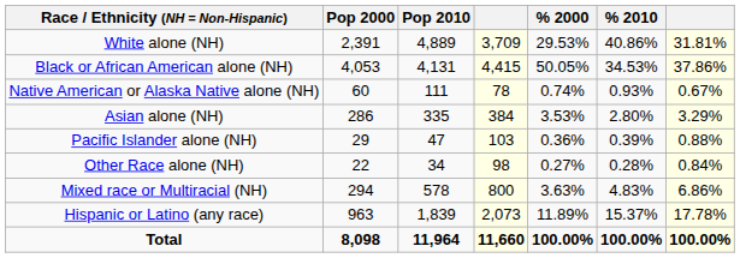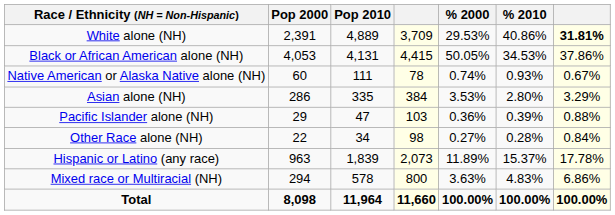 <table class="wikitable" style="text-align:center;">
 <tr>
 <th>Race / Ethnicity <small>(<em>NH = Non-Hispanic</em>)</small></th>
 <th>Pop 2000</th>
 <th>Pop 2010</th>
 <th></th>
 <th>% 2000</th>
 <th>% 2010</th>
 <th></th>
 </tr>
 <tr>
 <td><a href='#'>White</a> alone (NH)</td>
 <td>2,391</td>
 <td>4,889</td>
 <td style='background: #ffffe6;'>3,709</td>
 <td>29.53%</td>
 <td>40.86%</td>
-<td style='background: #ffffe6;'>31.81%</td>
+<td style='background: #ffffe6;'><strong>31.81%</strong></td>
 </tr>
 <tr>
 <td><a href='#'>Black or African American</a> alone (NH)</td>
 <td>4,053</td>
 <td>4,131</td>
 <td style='background: #ffffe6;'>4,415</td>
 <td>50.05%</td>
 <td>34.53%</td>
 <td style='background: #ffffe6;'>37.86%</td>
 </tr>
 <tr>
 <td><a href='#'>Native American</a> or <a href='#'>Alaska Native</a> alone (NH)</td>
 <td>60</td>
 <td>111</td>
 <td style='background: #ffffe6;'>78</td>
 <td>0.74%</td>
 <td>0.93%</td>
 <td style='background: #ffffe6;'>0.67%</td>
 </tr>
 <tr>
 <td><a href='#'>Asian</a> alone (NH)</td>
 <td>286</td>
 <td>335</td>
 <td style='background: #ffffe6;'>384</td>
 <td>3.53%</td>
 <td>2.80%</td>
 <td style='background: #ffffe6;'>3.29%</td>
 </tr>
 <tr>
 <td><a href='#'>Pacific Islander</a> alone (NH)</td>
 <td>29</td>
 <td>47</td>
 <td style='background: #ffffe6;'>103</td>
 <td>0.36%</td>
 <td>0.39%</td>
 <td style='background: #ffffe6;'>0.88%</td>
 </tr>
 <tr>
 <td><a href='#'>Other Race</a> alone (NH)</td>
 <td>22</td>
 <td>34</td>
 <td style='background: #ffffe6;'>98</td>
 <td>0.27%</td>
 <td>0.28%</td>
 <td style='background: #ffffe6;'>0.84%</td>
 </tr>
 <tr>
+<td><a href='#'>Hispanic or Latino</a> (any race)</td>
+<td>963</td>
+<td>1,839</td>
+<td style='background: #ffffe6;'>2,073</td>
+<td>11.89%</td>
+<td>15.37%</td>
+<td style='background: #ffffe6;'>17.78%</td>
+</tr>
+<tr>
 <td><a href='#'>Mixed race or Multiracial</a> (NH)</td>
 <td>294</td>
 <td>578</td>
 <td style='background: #ffffe6;'>800</td>
 <td>3.63%</td>
 <td>4.83%</td>
 <td style='background: #ffffe6;'>6.86%</td>
-</tr>
-<tr>
-<td><a href='#'>Hispanic or Latino</a> (any race)</td>
-<td>963</td>
-<td>1,839</td>
-<td style='background: #ffffe6;'>2,073</td>
-<td>11.89%</td>
-<td>15.37%</td>
-<td style='background: #ffffe6;'>17.78%</td>
 </tr>
 <tr>
 <td><strong>Total</strong></td>
 <td><strong>8,098</strong></td>
 <td><strong>11,964</strong></td>
 <td style='background: #ffffe6;'><strong>11,660</strong></td>
 <td><strong>100.00%</strong></td>
 <td><strong>100.00%</strong></td>
 <td style='background: #ffffe6;'><strong>100.00%</strong></td>
 </tr>
 </table>
